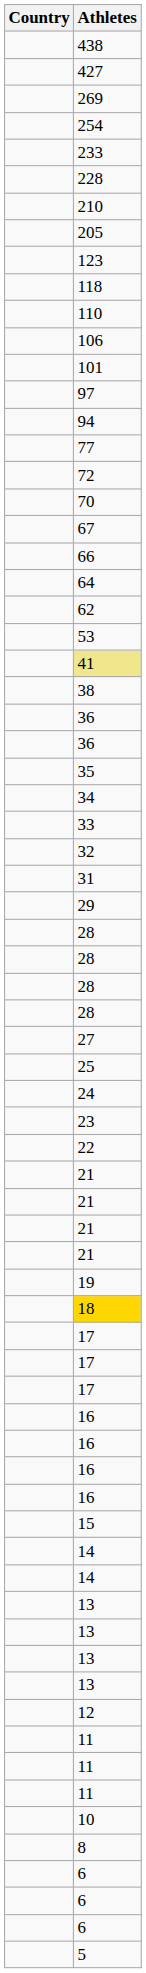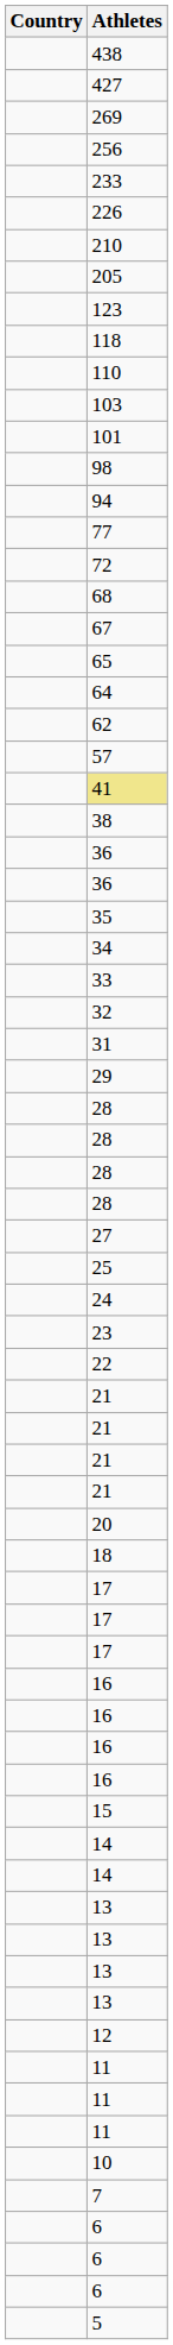 <table class="wikitable collapsible collapsed sortable" style="border:90">
 <tr>
 <th>Country</th>
 <th>Athletes</th>
 </tr>
 <tr>
 <td></td>
 <td>438</td>
 </tr>
 <tr>
 <td></td>
 <td>427</td>
 </tr>
 <tr>
 <td></td>
 <td>269</td>
 </tr>
 <tr>
 <td></td>
-<td>254</td>
+<td>256</td>
 </tr>
 <tr>
 <td></td>
 <td>233</td>
 </tr>
 <tr>
 <td></td>
-<td>228</td>
+<td>226</td>
 </tr>
 <tr>
 <td></td>
 <td>210</td>
 </tr>
 <tr>
 <td></td>
 <td>205</td>
 </tr>
 <tr>
 <td></td>
 <td>123</td>
 </tr>
 <tr>
 <td></td>
 <td>118</td>
 </tr>
 <tr>
 <td></td>
 <td>110</td>
 </tr>
 <tr>
 <td></td>
-<td>106</td>
+<td>103</td>
 </tr>
 <tr>
 <td></td>
 <td>101</td>
 </tr>
 <tr>
 <td></td>
-<td>97</td>
+<td>98</td>
 </tr>
 <tr>
 <td></td>
 <td>94</td>
 </tr>
 <tr>
 <td></td>
 <td>77</td>
 </tr>
 <tr>
 <td></td>
 <td>72</td>
 </tr>
 <tr>
 <td></td>
-<td>70</td>
+<td>68</td>
 </tr>
 <tr>
 <td></td>
 <td>67</td>
 </tr>
 <tr>
 <td></td>
-<td>66</td>
+<td>65</td>
 </tr>
 <tr>
 <td></td>
 <td>64</td>
 </tr>
 <tr>
 <td></td>
 <td>62</td>
 </tr>
 <tr>
 <td></td>
-<td>53</td>
+<td>57</td>
 </tr>
 <tr>
 <td></td>
 <td style="background: khaki;">41</td>
 </tr>
 <tr>
 <td></td>
 <td>38</td>
 </tr>
 <tr>
 <td></td>
 <td>36</td>
 </tr>
 <tr>
 <td></td>
 <td>36</td>
 </tr>
 <tr>
 <td></td>
 <td>35</td>
 </tr>
 <tr>
 <td></td>
 <td>34</td>
 </tr>
 <tr>
 <td></td>
 <td>33</td>
 </tr>
 <tr>
 <td></td>
 <td>32</td>
 </tr>
 <tr>
 <td></td>
 <td>31</td>
 </tr>
 <tr>
 <td></td>
 <td>29</td>
 </tr>
 <tr>
 <td></td>
 <td>28</td>
 </tr>
 <tr>
 <td></td>
 <td>28</td>
 </tr>
 <tr>
 <td></td>
 <td>28</td>
 </tr>
 <tr>
 <td></td>
 <td>28</td>
 </tr>
 <tr>
 <td></td>
 <td>27</td>
 </tr>
 <tr>
 <td></td>
 <td>25</td>
 </tr>
 <tr>
 <td></td>
 <td>24</td>
 </tr>
 <tr>
 <td></td>
 <td>23</td>
 </tr>
 <tr>
 <td></td>
 <td>22</td>
 </tr>
 <tr>
 <td></td>
 <td>21</td>
 </tr>
 <tr>
 <td></td>
 <td>21</td>
 </tr>
 <tr>
 <td></td>
 <td>21</td>
 </tr>
 <tr>
 <td></td>
 <td>21</td>
 </tr>
 <tr>
 <td></td>
-<td>19</td>
+<td>20</td>
 </tr>
 <tr>
 <td></td>
-<td style="background: gold;">18</td>
+<td>18</td>
 </tr>
 <tr>
 <td></td>
 <td>17</td>
 </tr>
 <tr>
 <td></td>
 <td>17</td>
 </tr>
 <tr>
 <td></td>
 <td>17</td>
 </tr>
 <tr>
 <td></td>
 <td>16</td>
 </tr>
 <tr>
 <td></td>
 <td>16</td>
 </tr>
 <tr>
 <td></td>
 <td>16</td>
 </tr>
 <tr>
 <td></td>
 <td>16</td>
 </tr>
 <tr>
 <td></td>
 <td>15</td>
 </tr>
 <tr>
 <td></td>
 <td>14</td>
 </tr>
 <tr>
 <td></td>
 <td>14</td>
 </tr>
 <tr>
 <td></td>
 <td>13</td>
 </tr>
 <tr>
 <td></td>
 <td>13</td>
 </tr>
 <tr>
 <td></td>
 <td>13</td>
 </tr>
 <tr>
 <td></td>
 <td>13</td>
 </tr>
 <tr>
 <td></td>
 <td>12</td>
 </tr>
 <tr>
 <td></td>
 <td>11</td>
 </tr>
 <tr>
 <td></td>
 <td>11</td>
 </tr>
 <tr>
 <td></td>
 <td>11</td>
 </tr>
 <tr>
 <td></td>
 <td>10</td>
 </tr>
 <tr>
 <td></td>
-<td>8</td>
+<td>7</td>
 </tr>
 <tr>
 <td></td>
 <td>6</td>
 </tr>
 <tr>
 <td></td>
 <td>6</td>
 </tr>
 <tr>
 <td></td>
 <td>6</td>
 </tr>
 <tr>
 <td></td>
 <td>5</td>
 </tr>
 </table>
